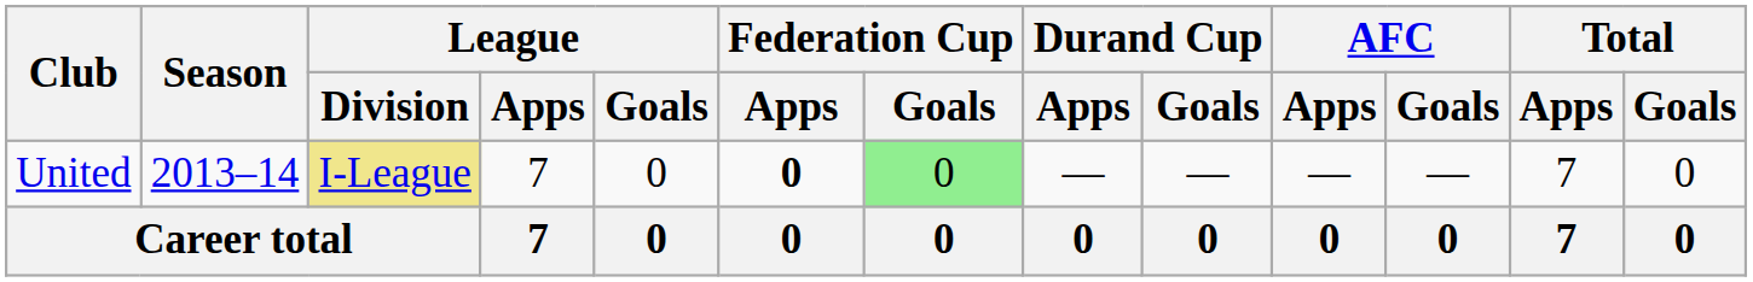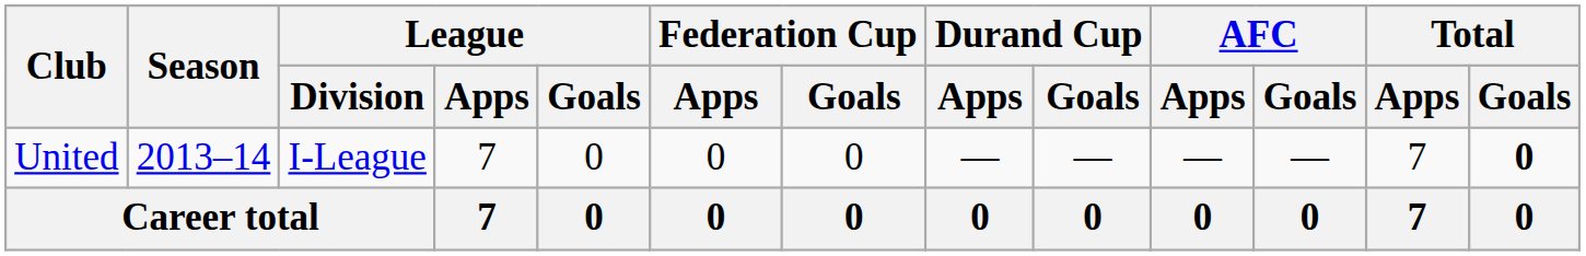 <table class="wikitable" style="text-align: center;">
 <tr>
 <th rowspan="2">Club</th>
 <th rowspan="2">Season</th>
 <th colspan="3">League</th>
 <th colspan="2">Federation Cup</th>
 <th colspan="2">Durand Cup</th>
 <th colspan="2"><a href='#'>AFC</a></th>
 <th colspan="2">Total</th>
 </tr>
 <tr>
 <th>Division</th>
 <th>Apps</th>
 <th>Goals</th>
 <th>Apps</th>
 <th>Goals</th>
 <th>Apps</th>
 <th>Goals</th>
 <th>Apps</th>
 <th>Goals</th>
 <th>Apps</th>
 <th>Goals</th>
 </tr>
 <tr>
 <td rowspan="1"><a href='#'>United</a></td>
 <td><a href='#'>2013–14</a></td>
-<td style="background: khaki;"><a href='#'>I-League</a></td>
+<td><a href='#'>I-League</a></td>
 <td>7</td>
 <td>0</td>
-<td><strong>0</strong></td>
-<td style="background: lightgreen;">0</td>
+<td>0</td>
+<td>0</td>
 <td>—</td>
 <td>—</td>
 <td>—</td>
 <td>—</td>
 <td>7</td>
-<td>0</td>
+<td><strong>0</strong></td>
 </tr>
 <tr>
 <th colspan="3">Career total</th>
 <th>7</th>
 <th>0</th>
 <th>0</th>
 <th>0</th>
 <th>0</th>
 <th>0</th>
 <th>0</th>
 <th>0</th>
 <th>7</th>
 <th>0</th>
 </tr>
 </table>
